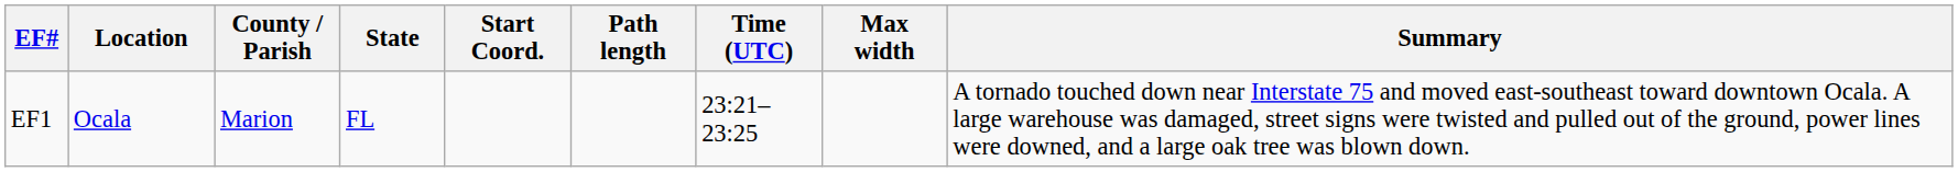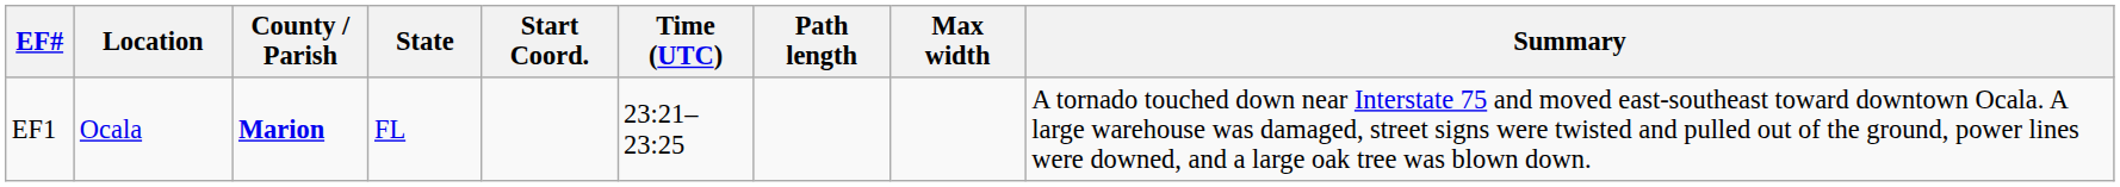 <table class="wikitable sortable" style="width:100%;">
 <tr>
 <th scope="col"  style="width:3%; text-align:center;"><a href='#'>EF#</a></th>
 <th scope="col"  style="width:7%; text-align:center;" class="unsortable">Location</th>
 <th scope="col"  style="width:6%; text-align:center;" class="unsortable">County / Parish</th>
 <th scope="col"  style="width:5%; text-align:center;">State</th>
 <th scope="col"  style="width:6%; text-align:center;">Start Coord.</th>
+<th scope="col"  style="width:6%; text-align:center;">Time (<a href='#'>UTC</a>)</th>
 <th scope="col"  style="width:6%; text-align:center;">Path length</th>
-<th scope="col"  style="width:6%; text-align:center;">Time (<a href='#'>UTC</a>)</th>
 <th scope="col"  style="width:6%; text-align:center;">Max width</th>
 <th scope="col" class="unsortable" style="width:48%; text-align:center;">Summary</th>
 </tr>
 <tr>
 <td>EF1</td>
 <td><a href='#'>Ocala</a></td>
-<td><a href='#'>Marion</a></td>
+<td><strong><a href='#'>Marion</a></strong></td>
 <td><a href='#'>FL</a></td>
 <td></td>
+<td>23:21–23:25</td>
 <td></td>
-<td>23:21–23:25</td>
 <td></td>
 <td>A tornado touched down near <a href='#'>Interstate 75</a> and moved east-southeast toward downtown Ocala. A large warehouse was damaged, street signs were twisted and pulled out of the ground, power lines were downed, and a large oak tree was blown down.</td>
 </tr>
 </table>
